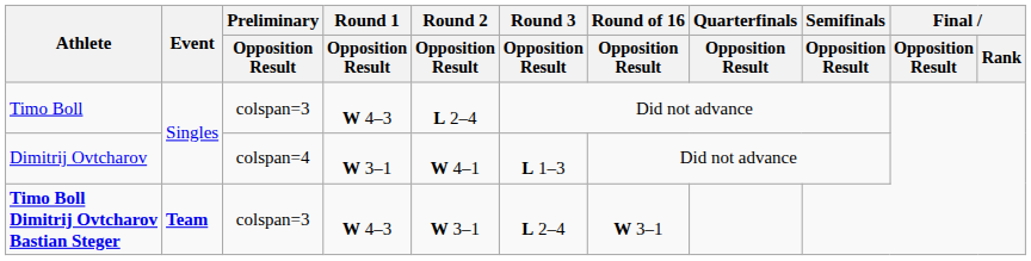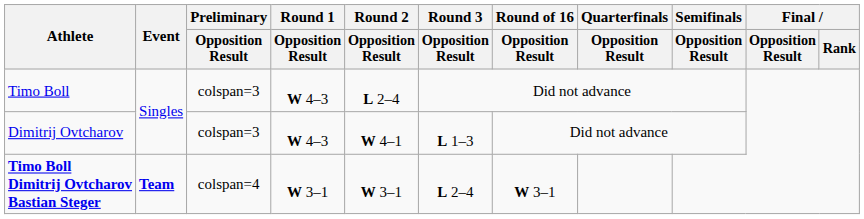 <table class="wikitable" style="font-size:90%;">
 <tr>
 <th rowspan=2>Athlete</th>
 <th rowspan=2>Event</th>
 <th>Preliminary</th>
 <th>Round 1</th>
 <th>Round 2</th>
 <th>Round 3</th>
 <th>Round of 16</th>
 <th>Quarterfinals</th>
 <th>Semifinals</th>
 <th colspan=2>Final / </th>
 </tr>
 <tr style="font-size:95%">
 <th>Opposition<br>Result</th>
 <th>Opposition<br>Result</th>
 <th>Opposition<br>Result</th>
 <th>Opposition<br>Result</th>
 <th>Opposition<br>Result</th>
 <th>Opposition<br>Result</th>
 <th>Opposition<br>Result</th>
 <th>Opposition<br>Result</th>
 <th>Rank</th>
 </tr>
 <tr align=center>
 <td align=left><a href='#'>Timo Boll</a></td>
 <td align=left rowspan=2><a href='#'>Singles</a></td>
 <td>colspan=3 </td>
 <td><br><strong>W</strong> 4–3</td>
 <td><br><strong>L</strong> 2–4</td>
 <td colspan=4>Did not advance</td>
 </tr>
 <tr align=center>
 <td align=left><a href='#'>Dimitrij Ovtcharov</a></td>
-<td>colspan=4 </td>
-<td><br><strong>W</strong> 3–1</td>
+<td>colspan=3 </td>
+<td><br><strong>W</strong> 4–3</td>
 <td><br><strong>W</strong> 4–1</td>
 <td><br><strong>L</strong> 1–3</td>
 <td colspan=3>Did not advance</td>
 </tr>
 <tr align=center>
 <td align=left><strong><a href='#'>Timo Boll</a><br><a href='#'>Dimitrij Ovtcharov</a><br><a href='#'>Bastian Steger</a></strong></td>
 <td align=left><strong><a href='#'>Team</a></strong></td>
-<td>colspan=3 </td>
-<td><br><strong>W</strong> 4–3</td>
+<td>colspan=4 </td>
+<td><br><strong>W</strong> 3–1</td>
 <td><br><strong>W</strong> 3–1</td>
 <td><br><strong>L</strong> 2–4</td>
 <td><br><strong>W</strong> 3–1</td>
 <td></td>
 </tr>
 </table>
